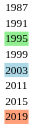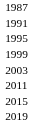 <table>
 <tr>
 <td>1987</td>
 <td></td>
 <td></td>
 <td></td>
 </tr>
 <tr>
 <td>1991</td>
 <td></td>
 <td></td>
 <td></td>
 </tr>
 <tr>
-<td style="background: lightgreen;">1995</td>
+<td>1995</td>
 <td></td>
 <td></td>
 <td></td>
 </tr>
 <tr>
 <td>1999</td>
 <td></td>
 <td></td>
 <td></td>
 </tr>
 <tr>
-<td style="background: lightblue;">2003</td>
+<td>2003</td>
 <td></td>
 <td></td>
 <td></td>
 </tr>
 <tr>
 <td>2011<br></td>
 <td></td>
 <td></td>
 <td></td>
 </tr>
 <tr>
 <td>2015<br></td>
 <td></td>
 <td></td>
 <td></td>
 </tr>
 <tr>
-<td style="background: lightsalmon;">2019<br></td>
+<td>2019<br></td>
 <td></td>
 <td></td>
 <td></td>
 </tr>
 </table>
